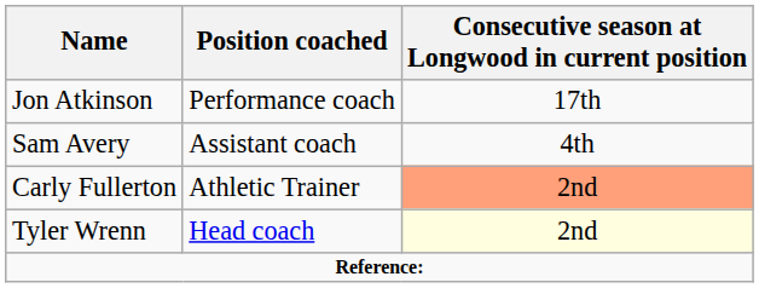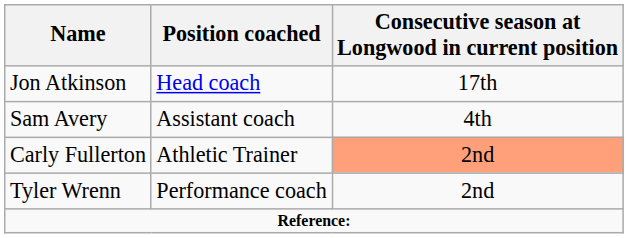 <table class="wikitable" style="font-size:93%;">
 <tr>
 <th>Name</th>
 <th>Position coached</th>
 <th>Consecutive season at<br>Longwood in current position</th>
 </tr>
 <tr>
 <td>Jon Atkinson</td>
-<td>Performance coach</td>
+<td><a href='#'>Head coach</a></td>
 <td align=center>17th</td>
 </tr>
 <tr>
 <td>Sam Avery</td>
 <td>Assistant coach</td>
 <td align=center>4th</td>
 </tr>
 <tr>
 <td>Carly Fullerton</td>
 <td>Athletic Trainer</td>
 <td align=center style="background: lightsalmon;">2nd</td>
 </tr>
 <tr>
 <td>Tyler Wrenn</td>
-<td><a href='#'>Head coach</a></td>
-<td align=center style="background: lightyellow;">2nd</td>
+<td>Performance coach</td>
+<td align=center>2nd</td>
 </tr>
 <tr>
 <td colspan="4" style="font-size:8pt; text-align:center;"><strong>Reference:</strong></td>
 </tr>
 </table>
